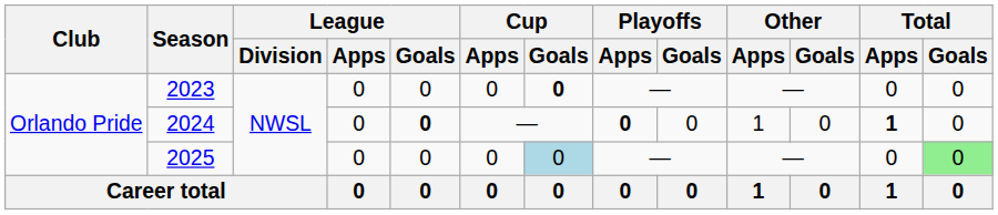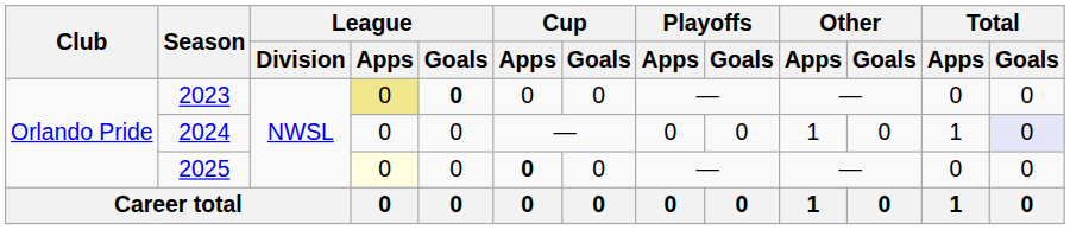 <table class="wikitable" style="text-align: center;">
 <tr>
 <th rowspan="2">Club</th>
 <th rowspan="2">Season</th>
 <th colspan="3">League</th>
 <th colspan="2">Cup</th>
 <th colspan="2">Playoffs</th>
 <th colspan="2">Other</th>
 <th colspan="2">Total</th>
 </tr>
 <tr>
 <th>Division</th>
 <th>Apps</th>
 <th>Goals</th>
 <th>Apps</th>
 <th>Goals</th>
 <th>Apps</th>
 <th>Goals</th>
 <th>Apps</th>
 <th>Goals</th>
 <th>Apps</th>
 <th>Goals</th>
 </tr>
 <tr>
 <td rowspan="3"><a href='#'>Orlando Pride</a></td>
 <td><a href='#'>2023</a></td>
 <td rowspan="3"><a href='#'>NWSL</a></td>
+<td style="background: khaki;">0</td>
+<td><strong>0</strong></td>
 <td>0</td>
 <td>0</td>
-<td>0</td>
-<td><strong>0</strong></td>
 <td colspan="2">—</td>
 <td colspan="2">—</td>
 <td>0</td>
 <td>0</td>
 </tr>
 <tr>
 <td><a href='#'>2024</a></td>
 <td>0</td>
-<td><strong>0</strong></td>
+<td>0</td>
 <td colspan="2">—</td>
-<td><strong>0</strong></td>
+<td>0</td>
 <td>0</td>
 <td>1</td>
 <td>0</td>
-<td><strong>1</strong></td>
-<td>0</td>
+<td>1</td>
+<td style="background: lavender;">0</td>
 </tr>
 <tr>
 <td><a href='#'>2025</a></td>
+<td style="background: lightyellow;">0</td>
 <td>0</td>
+<td><strong>0</strong></td>
 <td>0</td>
-<td>0</td>
-<td style="background: lightblue;">0</td>
 <td colspan="2">—</td>
 <td colspan="2">—</td>
 <td>0</td>
-<td style="background: lightgreen;">0</td>
+<td>0</td>
 </tr>
 <tr>
 <th colspan="3">Career total</th>
 <th>0</th>
 <th>0</th>
 <th>0</th>
 <th>0</th>
 <th>0</th>
 <th>0</th>
 <th>1</th>
 <th>0</th>
 <th>1</th>
 <th>0</th>
 </tr>
 </table>
